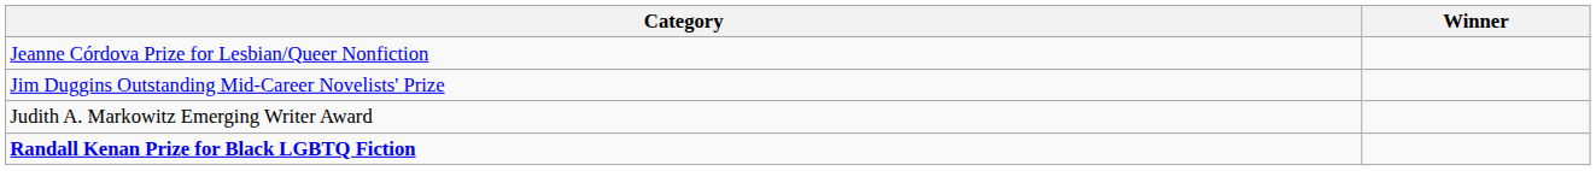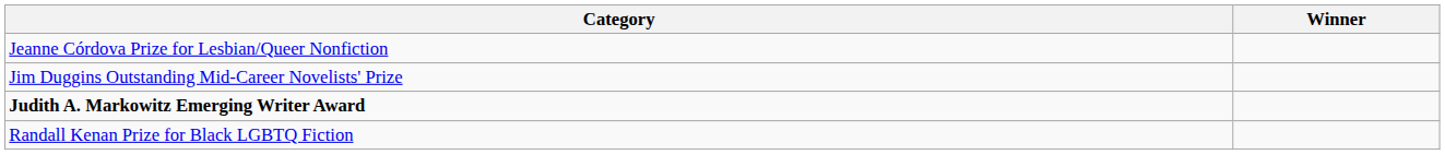 <table class="wikitable sortable mw-collapsible" width="100%">
 <tr>
 <th>Category</th>
 <th>Winner</th>
 </tr>
 <tr>
 <td><a href='#'>Jeanne Córdova Prize for Lesbian/Queer Nonfiction</a></td>
 <td></td>
 </tr>
 <tr>
 <td><a href='#'>Jim Duggins Outstanding Mid-Career Novelists' Prize</a></td>
 <td></td>
 </tr>
 <tr>
-<td>Judith A. Markowitz Emerging Writer Award</td>
+<td><strong>Judith A. Markowitz Emerging Writer Award</strong></td>
 <td></td>
 </tr>
 <tr>
-<td><strong><a href='#'>Randall Kenan Prize for Black LGBTQ Fiction</a></strong></td>
+<td><a href='#'>Randall Kenan Prize for Black LGBTQ Fiction</a></td>
 <td></td>
 </tr>
 </table>
